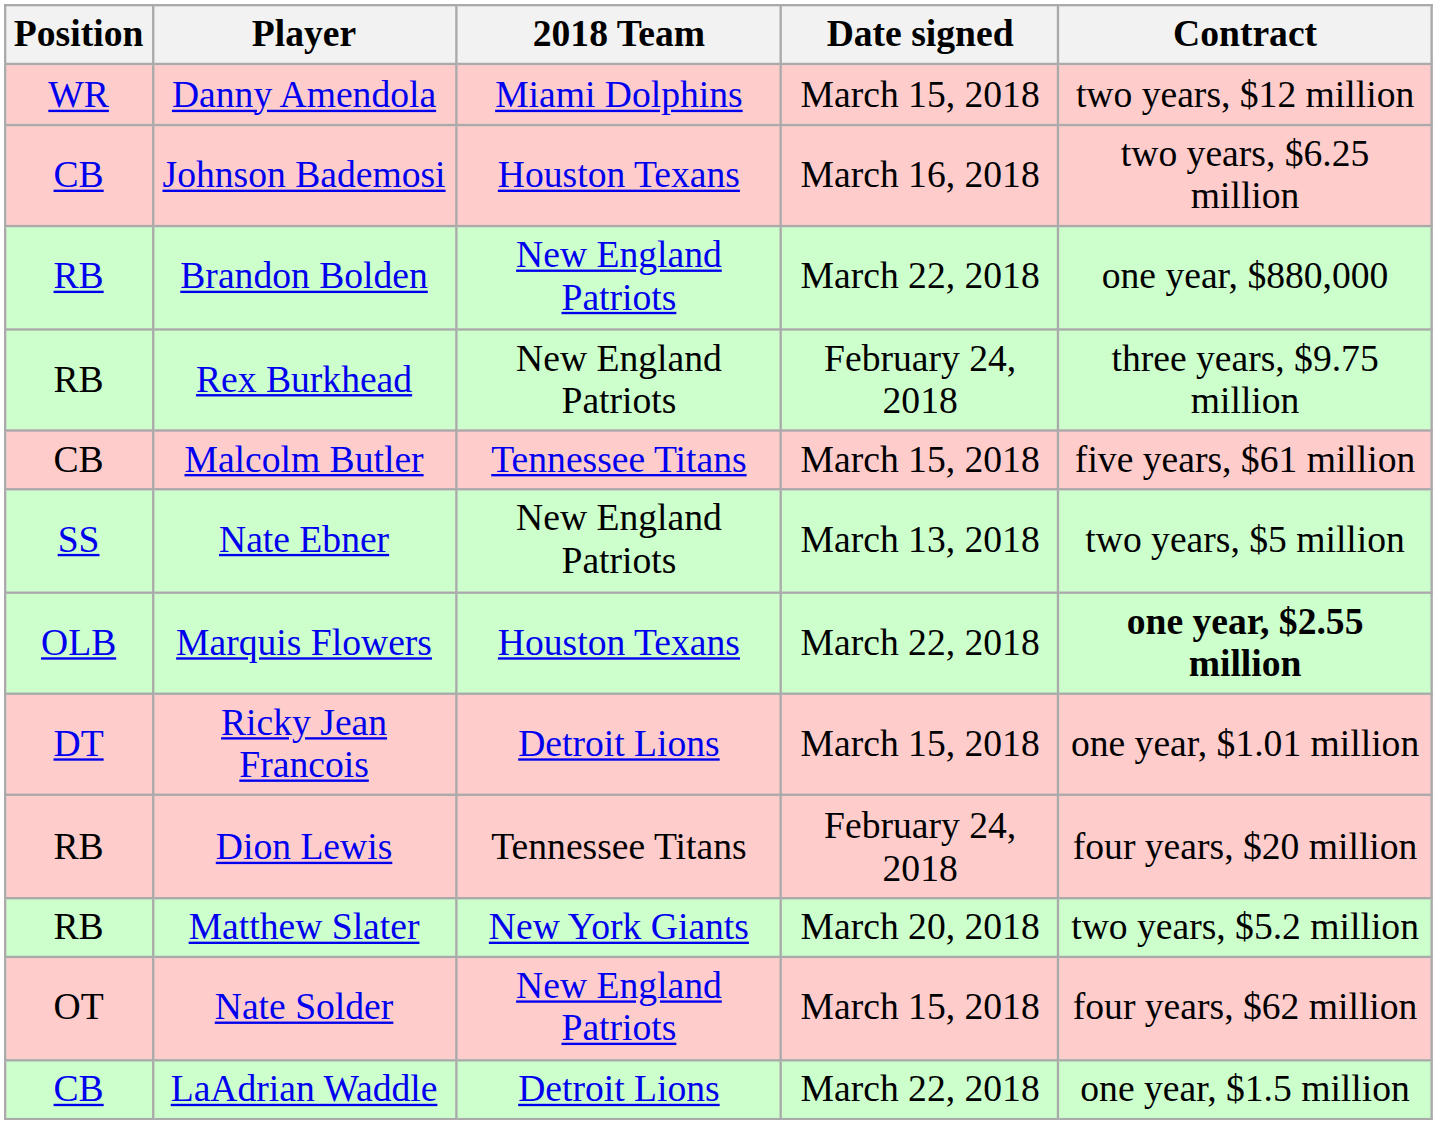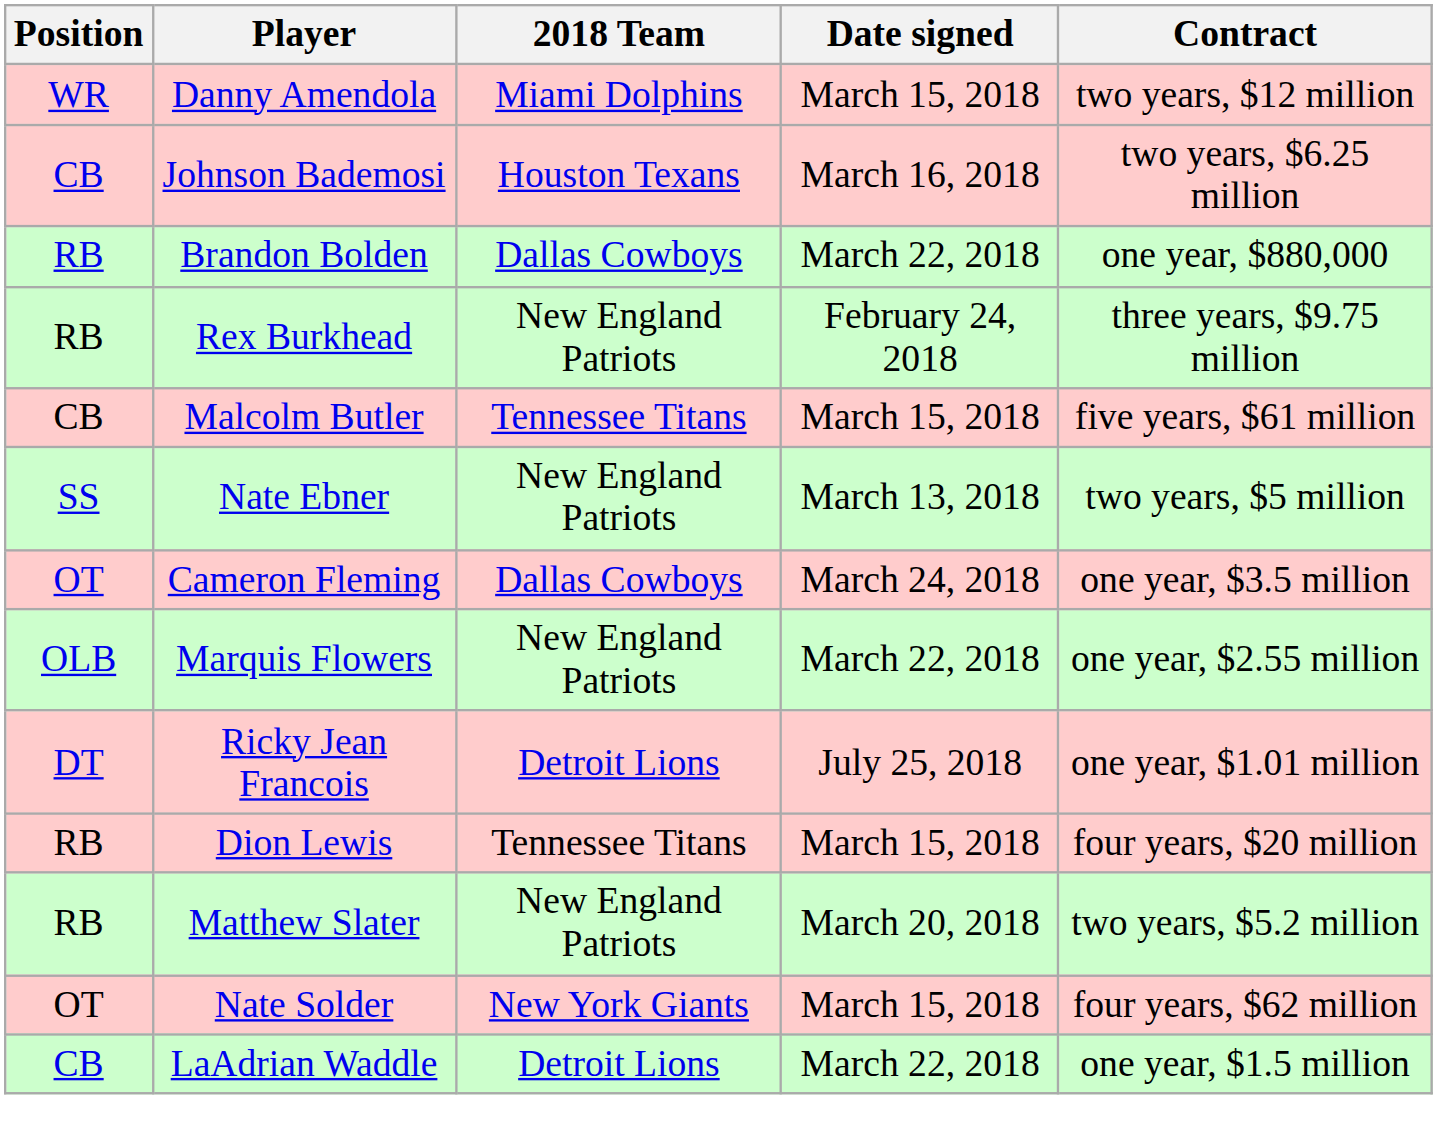 <table class="wikitable" style="text-align:center">
 <tr>
 <th>Position</th>
 <th>Player</th>
 <th>2018 Team</th>
 <th>Date signed</th>
 <th>Contract</th>
 </tr>
 <tr style="background:#fcc">
 <td><a href='#'>WR</a></td>
 <td><a href='#'>Danny Amendola</a></td>
 <td><a href='#'>Miami Dolphins</a></td>
 <td>March 15, 2018</td>
 <td>two years, $12 million</td>
 </tr>
 <tr style="background:#fcc">
 <td><a href='#'>CB</a></td>
 <td><a href='#'>Johnson Bademosi</a></td>
 <td><a href='#'>Houston Texans</a></td>
 <td>March 16, 2018</td>
 <td>two years, $6.25 million</td>
 </tr>
 <tr style="background:#cfc">
 <td><a href='#'>RB</a></td>
 <td><a href='#'>Brandon Bolden</a></td>
-<td><a href='#'>New England Patriots</a></td>
+<td><a href='#'>Dallas Cowboys</a></td>
 <td>March 22, 2018</td>
 <td>one year, $880,000</td>
 </tr>
 <tr style="background:#cfc">
 <td>RB</td>
 <td><a href='#'>Rex Burkhead</a></td>
 <td>New England Patriots</td>
 <td>February 24, 2018</td>
 <td>three years, $9.75 million</td>
 </tr>
 <tr style="background:#fcc">
 <td>CB</td>
 <td><a href='#'>Malcolm Butler</a></td>
 <td><a href='#'>Tennessee Titans</a></td>
 <td>March 15, 2018</td>
 <td>five years, $61 million</td>
 </tr>
 <tr style="background:#cfc">
 <td><a href='#'>SS</a></td>
 <td><a href='#'>Nate Ebner</a></td>
 <td>New England Patriots</td>
 <td>March 13, 2018</td>
 <td>two years, $5 million</td>
 </tr>
+<tr style="background:#fcc">
+<td><a href='#'>OT</a></td>
+<td><a href='#'>Cameron Fleming</a></td>
+<td><a href='#'>Dallas Cowboys</a></td>
+<td>March 24, 2018</td>
+<td>one year, $3.5 million</td>
+</tr>
 <tr style="background:#cfc">
 <td><a href='#'>OLB</a></td>
 <td><a href='#'>Marquis Flowers</a></td>
-<td><a href='#'>Houston Texans</a></td>
+<td>New England Patriots</td>
 <td>March 22, 2018</td>
-<td><strong>one year, $2.55 million</strong></td>
+<td>one year, $2.55 million</td>
 </tr>
 <tr style= "background:#fcc">
 <td><a href='#'>DT</a></td>
 <td><a href='#'>Ricky Jean Francois</a></td>
 <td><a href='#'>Detroit Lions</a></td>
-<td>March 15, 2018</td>
+<td>July 25, 2018</td>
 <td>one year, $1.01 million</td>
 </tr>
 <tr style="background:#fcc">
 <td>RB</td>
 <td><a href='#'>Dion Lewis</a></td>
 <td>Tennessee Titans</td>
-<td>February 24, 2018</td>
+<td>March 15, 2018</td>
 <td>four years, $20 million</td>
 </tr>
 <tr style="background:#cfc">
 <td>RB</td>
 <td><a href='#'>Matthew Slater</a></td>
-<td><a href='#'>New York Giants</a></td>
+<td>New England Patriots</td>
 <td>March 20, 2018</td>
 <td>two years, $5.2 million</td>
 </tr>
 <tr style="background:#fcc">
 <td>OT</td>
 <td><a href='#'>Nate Solder</a></td>
-<td><a href='#'>New England Patriots</a></td>
+<td><a href='#'>New York Giants</a></td>
 <td>March 15, 2018</td>
 <td>four years, $62 million</td>
 </tr>
 <tr style="background:#cfc">
 <td><a href='#'>CB</a></td>
 <td><a href='#'>LaAdrian Waddle</a></td>
 <td><a href='#'>Detroit Lions</a></td>
 <td>March 22, 2018</td>
 <td>one year, $1.5 million</td>
 </tr>
 </table>
